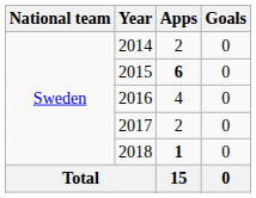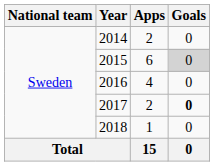 <table class="wikitable" style="text-align:center">
 <tr>
 <th>National team</th>
 <th>Year</th>
 <th>Apps</th>
 <th>Goals</th>
 </tr>
 <tr>
 <td rowspan="5"><a href='#'>Sweden</a></td>
 <td>2014</td>
 <td>2</td>
 <td>0</td>
 </tr>
 <tr>
 <td>2015</td>
-<td><strong>6</strong></td>
-<td>0</td>
+<td>6</td>
+<td style="background: lightgrey;">0</td>
 </tr>
 <tr>
 <td>2016</td>
 <td>4</td>
 <td>0</td>
 </tr>
 <tr>
 <td>2017</td>
 <td>2</td>
-<td>0</td>
+<td><strong>0</strong></td>
 </tr>
 <tr>
 <td>2018</td>
-<td><strong>1</strong></td>
+<td>1</td>
 <td>0</td>
 </tr>
 <tr>
 <th colspan="2">Total</th>
 <th>15</th>
 <th>0</th>
 </tr>
 </table>
